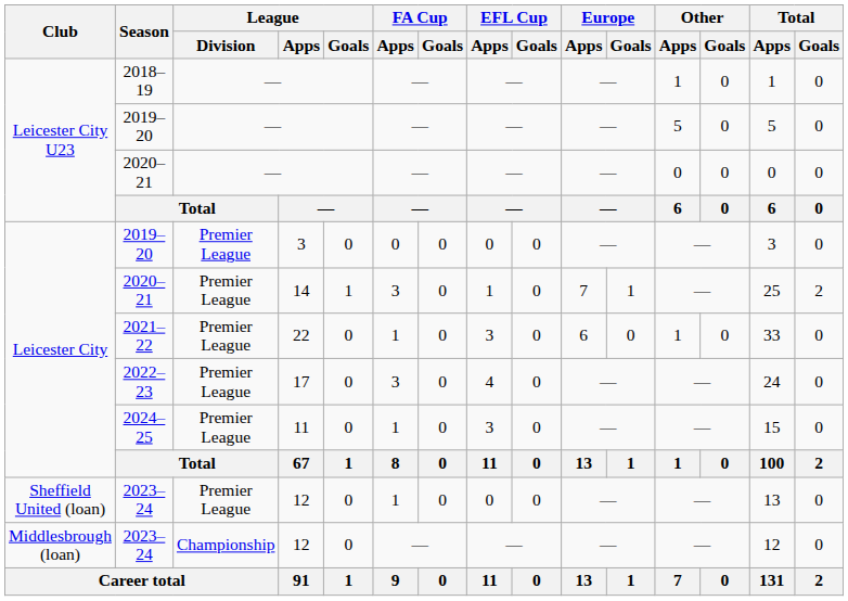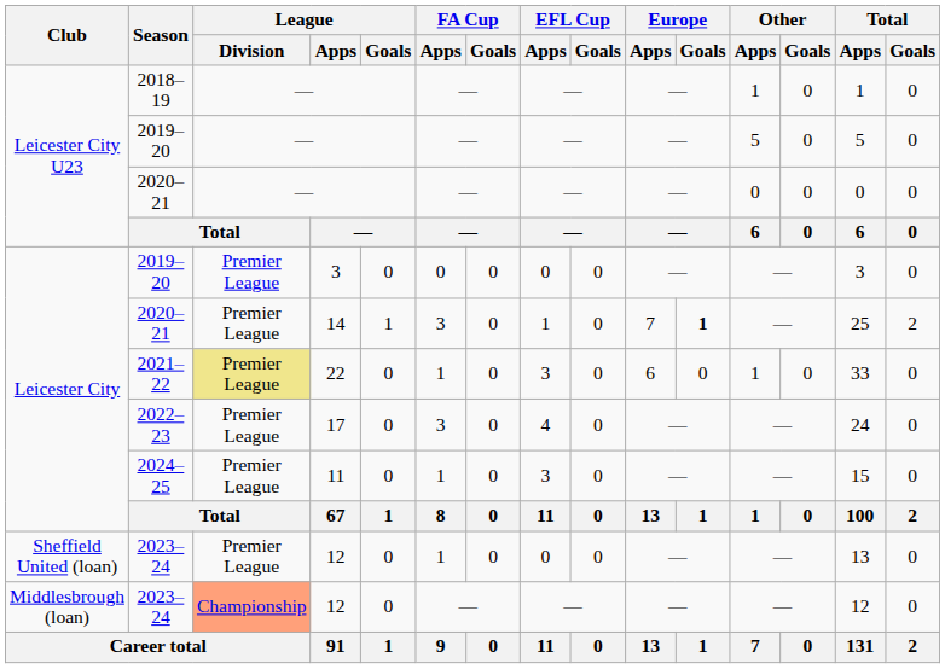 <table class="wikitable" style="text-align:center">
 <tr>
 <th rowspan="2">Club</th>
 <th rowspan="2">Season</th>
 <th colspan="3">League</th>
 <th colspan="2"><a href='#'>FA Cup</a></th>
 <th colspan="2"><a href='#'>EFL Cup</a></th>
 <th colspan="2"><a href='#'>Europe</a></th>
 <th colspan="2">Other</th>
 <th colspan="2">Total</th>
 </tr>
 <tr>
 <th>Division</th>
 <th>Apps</th>
 <th>Goals</th>
 <th>Apps</th>
 <th>Goals</th>
 <th>Apps</th>
 <th>Goals</th>
 <th>Apps</th>
 <th>Goals</th>
 <th>Apps</th>
 <th>Goals</th>
 <th>Apps</th>
 <th>Goals</th>
 </tr>
 <tr>
 <td rowspan="4"><a href='#'>Leicester City U23</a></td>
 <td>2018–19</td>
 <td colspan="3">—</td>
 <td colspan="2">—</td>
 <td colspan="2">—</td>
 <td colspan="2">—</td>
 <td>1</td>
 <td>0</td>
 <td>1</td>
 <td>0</td>
 </tr>
 <tr>
 <td>2019–20</td>
 <td colspan="3">—</td>
 <td colspan="2">—</td>
 <td colspan="2">—</td>
 <td colspan="2">—</td>
 <td>5</td>
 <td>0</td>
 <td>5</td>
 <td>0</td>
 </tr>
 <tr>
 <td>2020–21</td>
 <td colspan="3">—</td>
 <td colspan="2">—</td>
 <td colspan="2">—</td>
 <td colspan="2">—</td>
 <td>0</td>
 <td>0</td>
 <td>0</td>
 <td>0</td>
 </tr>
 <tr>
 <th colspan="2">Total</th>
 <th colspan="2">—</th>
 <th colspan="2">—</th>
 <th colspan="2">—</th>
 <th colspan="2">—</th>
 <th>6</th>
 <th>0</th>
 <th>6</th>
 <th>0</th>
 </tr>
 <tr>
 <td rowspan="6"><a href='#'>Leicester City</a></td>
 <td><a href='#'>2019–20</a></td>
 <td><a href='#'>Premier League</a></td>
 <td>3</td>
 <td>0</td>
 <td>0</td>
 <td>0</td>
 <td>0</td>
 <td>0</td>
 <td colspan="2">—</td>
 <td colspan="2">—</td>
 <td>3</td>
 <td>0</td>
 </tr>
 <tr>
 <td><a href='#'>2020–21</a></td>
 <td>Premier League</td>
 <td>14</td>
 <td>1</td>
 <td>3</td>
 <td>0</td>
 <td>1</td>
 <td>0</td>
 <td>7</td>
-<td>1</td>
+<td><strong>1</strong></td>
 <td colspan="2">—</td>
 <td>25</td>
 <td>2</td>
 </tr>
 <tr>
 <td><a href='#'>2021–22</a></td>
-<td>Premier League</td>
+<td style="background: khaki;">Premier League</td>
 <td>22</td>
 <td>0</td>
 <td>1</td>
 <td>0</td>
 <td>3</td>
 <td>0</td>
 <td>6</td>
 <td>0</td>
 <td>1</td>
 <td>0</td>
 <td>33</td>
 <td>0</td>
 </tr>
 <tr>
 <td><a href='#'>2022–23</a></td>
 <td>Premier League</td>
 <td>17</td>
 <td>0</td>
 <td>3</td>
 <td>0</td>
 <td>4</td>
 <td>0</td>
 <td colspan="2">—</td>
 <td colspan="2">—</td>
 <td>24</td>
 <td>0</td>
 </tr>
 <tr>
 <td><a href='#'>2024–25</a></td>
 <td>Premier League</td>
 <td>11</td>
 <td>0</td>
 <td>1</td>
 <td>0</td>
 <td>3</td>
 <td>0</td>
 <td colspan="2">—</td>
 <td colspan="2">—</td>
 <td>15</td>
 <td>0</td>
 </tr>
 <tr>
 <th colspan="2">Total</th>
 <th>67</th>
 <th>1</th>
 <th>8</th>
 <th>0</th>
 <th>11</th>
 <th>0</th>
 <th>13</th>
 <th>1</th>
 <th>1</th>
 <th>0</th>
 <th>100</th>
 <th>2</th>
 </tr>
 <tr>
 <td><a href='#'>Sheffield United</a> (loan)</td>
 <td><a href='#'>2023–24</a></td>
 <td>Premier League</td>
 <td>12</td>
 <td>0</td>
 <td>1</td>
 <td>0</td>
 <td>0</td>
 <td>0</td>
 <td colspan="2">—</td>
 <td colspan="2">—</td>
 <td>13</td>
 <td>0</td>
 </tr>
 <tr>
 <td><a href='#'>Middlesbrough</a> (loan)</td>
 <td><a href='#'>2023–24</a></td>
-<td><a href='#'>Championship</a></td>
+<td style="background: lightsalmon;"><a href='#'>Championship</a></td>
 <td>12</td>
 <td>0</td>
 <td colspan="2">—</td>
 <td colspan="2">—</td>
 <td colspan="2">—</td>
 <td colspan="2">—</td>
 <td>12</td>
 <td>0</td>
 </tr>
 <tr>
 <th colspan="3">Career total</th>
 <th>91</th>
 <th>1</th>
 <th>9</th>
 <th>0</th>
 <th>11</th>
 <th>0</th>
 <th>13</th>
 <th>1</th>
 <th>7</th>
 <th>0</th>
 <th>131</th>
 <th>2</th>
 </tr>
 </table>
